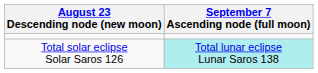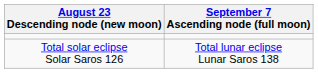 <table class="wikitable">
 <tr>
 <th><a href='#'>August 23</a><br>Descending node (new moon)<br></th>
 <th><a href='#'>September 7</a><br>Ascending node (full moon)<br></th>
 </tr>
 <tr>
 <td></td>
 <td></td>
 </tr>
 <tr align=center>
 <td><a href='#'>Total solar eclipse</a><br>Solar Saros 126</td>
-<td style="background: paleturquoise;"><a href='#'>Total lunar eclipse</a><br>Lunar Saros 138</td>
+<td><a href='#'>Total lunar eclipse</a><br>Lunar Saros 138</td>
 </tr>
 </table>
